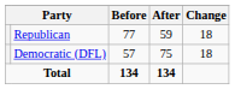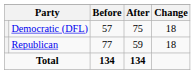 <table class="wikitable" style="text-align:center;">
 <tr>
 </tr>
 <tr>
 <th colspan=2>Party</th>
 <th>Before</th>
 <th>After</th>
 <th>Change</th>
 </tr>
 <tr>
 <th style="background-color:"></th>
-<td style="text-align:left;"><a href='#'>Republican</a></td>
-<td>77</td>
-<td>59</td>
+<td style="text-align:left;"><a href='#'>Democratic (DFL)</a></td>
+<td>57</td>
+<td>75</td>
 <td> 18</td>
 </tr>
 <tr>
 <th style="background-color:"></th>
-<td style="text-align:left;"><a href='#'>Democratic (DFL)</a></td>
-<td>57</td>
-<td>75</td>
+<td style="text-align:left;"><a href='#'>Republican</a></td>
+<td>77</td>
+<td>59</td>
 <td> 18</td>
 </tr>
 <tr>
 <td colspan=2><strong>Total</strong></td>
 <td><strong>134</strong></td>
 <td><strong>134</strong></td>
 <td></td>
 </tr>
 </table>
